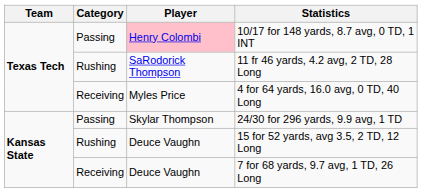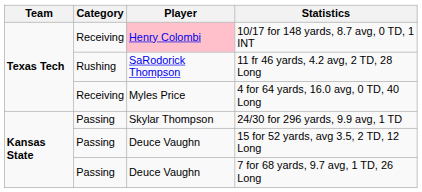 <table class="wikitable" style="float: right;">
 <tr>
 <th>Team</th>
 <th>Category</th>
 <th>Player</th>
 <th>Statistics</th>
 </tr>
 <tr>
 <td rowspan=3><strong>Texas Tech</strong></td>
-<td>Passing</td>
+<td>Receiving</td>
 <td style="background: pink;"><a href='#'>Henry Colombi</a></td>
 <td>10/17 for 148 yards, 8.7 avg, 0 TD, 1 INT</td>
 </tr>
 <tr>
 <td>Rushing</td>
 <td><a href='#'>SaRodorick Thompson</a></td>
 <td>11 fr 46 yards, 4.2 avg, 2 TD, 28 Long</td>
 </tr>
 <tr>
 <td>Receiving</td>
 <td>Myles Price</td>
 <td>4 for 64 yards, 16.0 avg, 0 TD, 40 Long</td>
 </tr>
 <tr>
 <td rowspan=3><strong>Kansas State</strong></td>
 <td>Passing</td>
 <td>Skylar Thompson</td>
 <td>24/30 for 296 yards, 9.9 avg, 1 TD</td>
 </tr>
 <tr>
-<td>Rushing</td>
+<td>Passing</td>
 <td>Deuce Vaughn</td>
 <td>15 for 52 yards, avg 3.5, 2 TD, 12 Long</td>
 </tr>
 <tr>
-<td>Receiving</td>
+<td>Passing</td>
 <td>Deuce Vaughn</td>
 <td>7 for 68 yards, 9.7 avg, 1 TD, 26 Long</td>
 </tr>
 </table>
